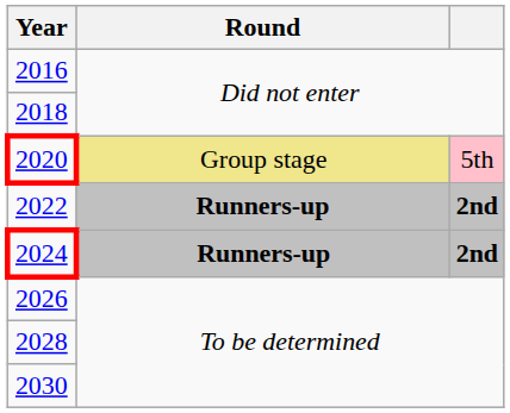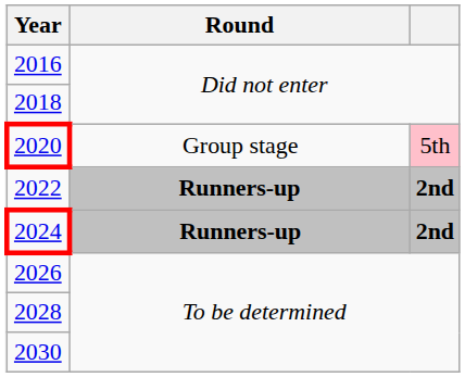 <table class="wikitable" style="text-align: center; font-size:90%">
 <tr>
 <th>Year</th>
 <th style="width:200px">Round</th>
 <th></th>
 </tr>
 <tr>
 <td><a href='#'>2016</a></td>
 <td colspan="2" rowspan="2"><em>Did not enter</em></td>
 </tr>
 <tr>
 <td><a href='#'>2018</a></td>
 </tr>
 <tr>
 <td style="border: 3px solid red"><a href='#'>2020</a></td>
-<td style="background: khaki;">Group stage</td>
+<td>Group stage</td>
 <td style="background: pink;">5th</td>
 </tr>
 <tr>
 <td><a href='#'>2022</a></td>
 <td bgcolor=Silver><strong>Runners-up</strong></td>
 <td bgcolor=Silver><strong>2nd</strong></td>
 </tr>
 <tr>
 <td style="border: 3px solid red"><a href='#'>2024</a></td>
 <td bgcolor=Silver><strong>Runners-up</strong></td>
 <td bgcolor=Silver><strong>2nd</strong></td>
 </tr>
 <tr>
 <td><a href='#'>2026</a></td>
 <td colspan="2" rowspan="3"><em>To be determined</em></td>
 </tr>
 <tr>
 <td><a href='#'>2028</a></td>
 </tr>
 <tr>
 <td><a href='#'>2030</a></td>
 </tr>
 </table>
